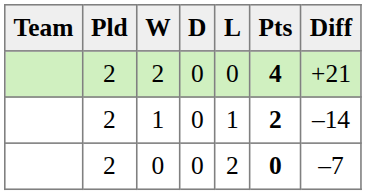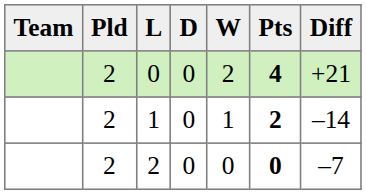 <table style=border-collapse:collapse border=1 cellspacing=0 cellpadding=5>
 <tr align=center bgcolor=#efefef>
 <th>Team</th>
 <th>Pld</th>
+<th>L</th>
+<th>D</th>
 <th>W</th>
-<th>D</th>
-<th>L</th>
 <th>Pts</th>
 <th>Diff</th>
 </tr>
 <tr align=center style="background:#D0F0C0;">
 <td style="text-align:left;"> </td>
 <td>2</td>
-<td>2</td>
 <td>0</td>
 <td>0</td>
+<td>2</td>
 <td><strong>4</strong></td>
 <td>+21</td>
 </tr>
 <tr align=center style="background:#FFFFFF;">
 <td style="text-align:left;"> </td>
 <td>2</td>
 <td>1</td>
 <td>0</td>
 <td>1</td>
 <td><strong>2</strong></td>
 <td>–14</td>
 </tr>
 <tr align=center style="background:#FFFFFF;">
 <td style="text-align:left;"> </td>
 <td>2</td>
+<td>2</td>
 <td>0</td>
 <td>0</td>
-<td>2</td>
 <td><strong>0</strong></td>
 <td>–7</td>
 </tr>
 </table>
